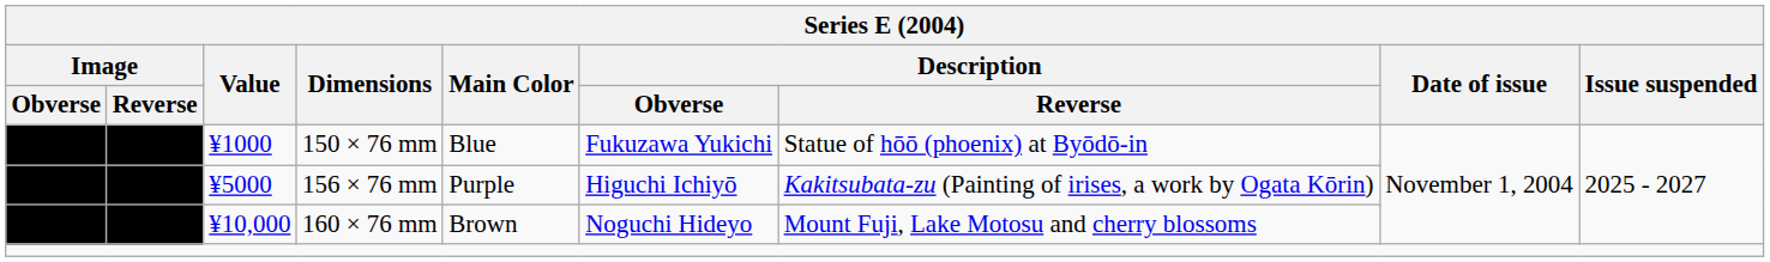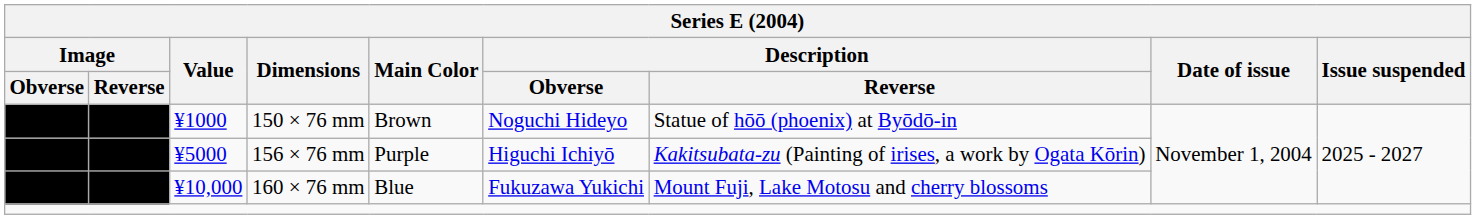 <table class="wikitable">
 <tr>
 <th colspan="9">Series E (2004)</th>
 </tr>
 <tr>
 <th colspan="2">Image</th>
 <th rowspan="2">Value</th>
 <th rowspan="2">Dimensions</th>
 <th rowspan="2">Main Color</th>
 <th colspan="2">Description</th>
 <th rowspan="2">Date of issue</th>
 <th rowspan="2">Issue suspended</th>
 </tr>
 <tr>
 <th>Obverse</th>
 <th>Reverse</th>
 <th>Obverse</th>
 <th>Reverse</th>
 </tr>
 <tr>
 <td style="text-align:center; background:#000;"></td>
 <td style="text-align:center; background:#000;"></td>
 <td><a href='#'>¥1000</a></td>
 <td>150 × 76 mm</td>
-<td>Blue</td>
-<td><a href='#'>Fukuzawa Yukichi</a></td>
+<td>Brown</td>
+<td><a href='#'>Noguchi Hideyo</a></td>
 <td>Statue of <a href='#'>hōō (phoenix)</a> at <a href='#'>Byōdō-in</a></td>
 <td rowspan="3">November 1, 2004</td>
 <td rowspan="3">2025 - 2027</td>
 </tr>
 <tr>
 <td style="text-align:center; background:#000;"></td>
 <td style="text-align:center; background:#000;"></td>
 <td><a href='#'>¥5000</a></td>
 <td>156 × 76 mm</td>
 <td>Purple</td>
 <td><a href='#'>Higuchi Ichiyō</a></td>
 <td><em><a href='#'>Kakitsubata-zu</a></em> (Painting of <a href='#'>irises</a>, a work by <a href='#'>Ogata Kōrin</a>)</td>
 </tr>
 <tr>
 <td style="text-align:center; background:#000;"></td>
 <td style="text-align:center; background:#000;"></td>
 <td><a href='#'>¥10,000</a></td>
 <td>160 × 76 mm</td>
-<td>Brown</td>
-<td><a href='#'>Noguchi Hideyo</a></td>
+<td>Blue</td>
+<td><a href='#'>Fukuzawa Yukichi</a></td>
 <td><a href='#'>Mount Fuji</a>, <a href='#'>Lake Motosu</a> and <a href='#'>cherry blossoms</a></td>
 </tr>
 <tr>
 <td colspan="9"></td>
 </tr>
 </table>
